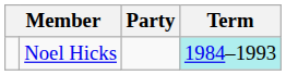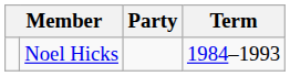 <table class="wikitable">
 <tr>
 <th colspan="2">Member</th>
 <th>Party</th>
 <th>Term</th>
 </tr>
 <tr>
 <td> </td>
 <td><a href='#'>Noel Hicks</a></td>
 <td></td>
-<td style="background: paleturquoise;"><a href='#'>1984</a>–1993</td>
+<td><a href='#'>1984</a>–1993</td>
 </tr>
 </table>
